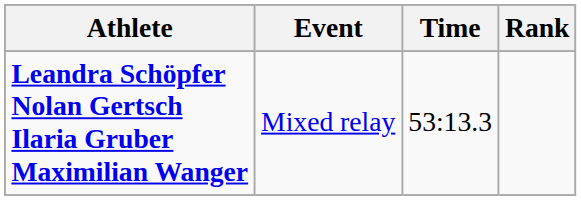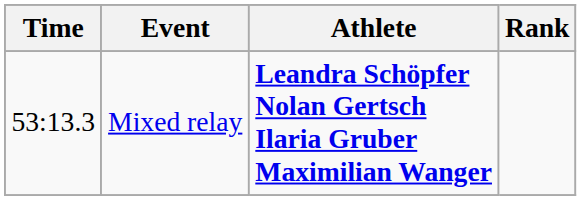 <table class="wikitable" style="font-size:90%">
 <tr>
+<th>Time</th>
+<th>Event</th>
 <th>Athlete</th>
-<th>Event</th>
-<th>Time</th>
 <th>Rank</th>
 </tr>
 <tr align=center>
+<td>53:13.3</td>
+<td align=left><a href='#'>Mixed relay</a></td>
 <td align=left><strong><a href='#'>Leandra Schöpfer</a><br><a href='#'>Nolan Gertsch</a><br><a href='#'>Ilaria Gruber</a><br><a href='#'>Maximilian Wanger</a></strong></td>
-<td align=left><a href='#'>Mixed relay</a></td>
-<td>53:13.3</td>
 <td></td>
 </tr>
 </table>
